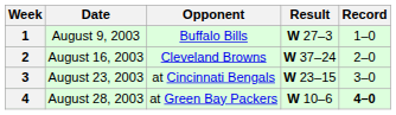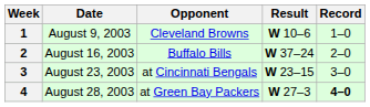 <table class="wikitable" style="text-align:center">
 <tr>
 <th>Week</th>
 <th>Date</th>
 <th>Opponent</th>
 <th>Result</th>
 <th>Record</th>
 </tr>
 <tr style="background:#dfd;">
 <th>1</th>
 <td>August 9, 2003</td>
-<td><a href='#'>Buffalo Bills</a></td>
-<td><strong>W</strong> 27–3</td>
+<td><a href='#'>Cleveland Browns</a></td>
+<td><strong>W</strong> 10–6</td>
 <td>1–0</td>
 </tr>
 <tr style="background:#dfd;">
 <th>2</th>
 <td>August 16, 2003</td>
-<td><a href='#'>Cleveland Browns</a></td>
+<td><a href='#'>Buffalo Bills</a></td>
 <td><strong>W</strong> 37–24</td>
 <td>2–0</td>
 </tr>
 <tr style="background:#dfd;">
 <th>3</th>
 <td>August 23, 2003</td>
 <td>at <a href='#'>Cincinnati Bengals</a></td>
 <td><strong>W</strong> 23–15</td>
 <td>3–0</td>
 </tr>
 <tr style="background:#dfd;">
 <th>4</th>
 <td>August 28, 2003</td>
 <td>at <a href='#'>Green Bay Packers</a></td>
-<td><strong>W</strong> 10–6</td>
+<td><strong>W</strong> 27–3</td>
 <td><strong>4–0</strong></td>
 </tr>
 </table>
